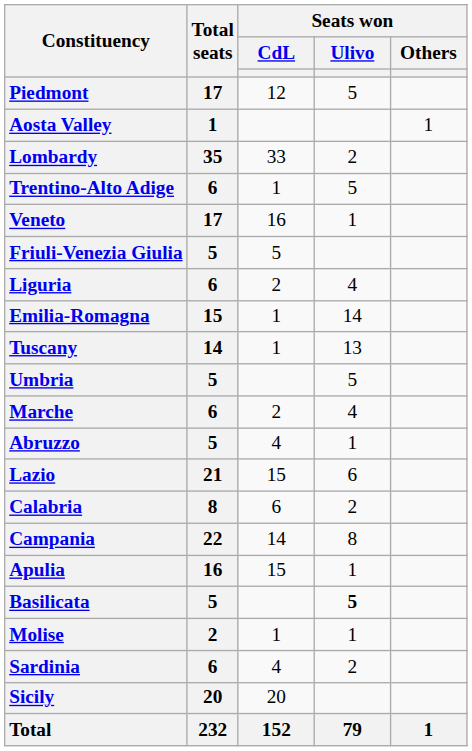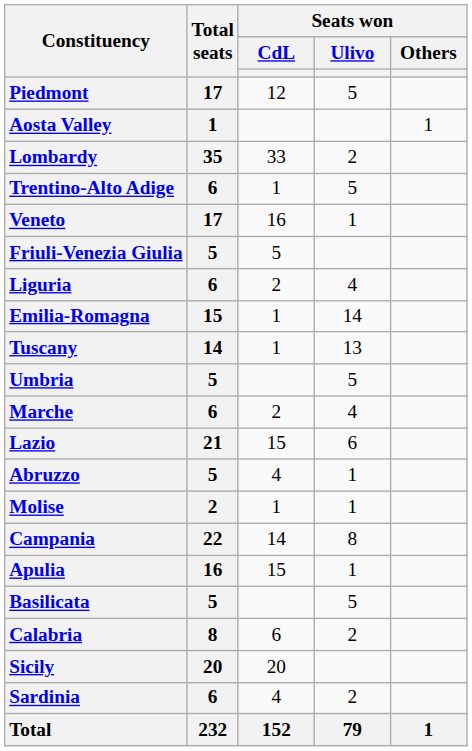 <table class="wikitable" style="text-align:center; font-size: 0.9em">
 <tr>
 <th rowspan="3">Constituency</th>
 <th rowspan="3">Total<br>seats</th>
 <th colspan="3">Seats won</th>
 </tr>
 <tr>
 <th class="unsortable" style="width:50px;"><a href='#'>CdL</a></th>
 <th class="unsortable" style="width:50px;"><a href='#'>Ulivo</a></th>
 <th class="unsortable" style="width:50px;">Others</th>
 </tr>
 <tr>
 <th style="color:inherit;background:"></th>
 <th style="color:inherit;background:"></th>
 <th style="color:inherit;background:"></th>
 </tr>
 <tr>
 <th style="text-align: left;"><a href='#'>Piedmont</a></th>
 <th>17</th>
 <td>12</td>
 <td>5</td>
 <td></td>
 </tr>
 <tr>
 <th style="text-align: left;"><a href='#'>Aosta Valley</a></th>
 <th>1</th>
 <td></td>
 <td></td>
 <td>1</td>
 </tr>
 <tr>
 <th style="text-align: left;"><a href='#'>Lombardy</a></th>
 <th>35</th>
 <td>33</td>
 <td>2</td>
 <td></td>
 </tr>
 <tr>
 <th style="text-align: left;"><a href='#'>Trentino-Alto Adige</a></th>
 <th>6</th>
 <td>1</td>
 <td>5</td>
 <td></td>
 </tr>
 <tr>
 <th style="text-align: left;"><a href='#'>Veneto</a></th>
 <th>17</th>
 <td>16</td>
 <td>1</td>
 <td></td>
 </tr>
 <tr>
 <th style="text-align: left;"><a href='#'>Friuli-Venezia Giulia</a></th>
 <th>5</th>
 <td>5</td>
 <td></td>
 <td></td>
 </tr>
 <tr>
 <th style="text-align: left;"><a href='#'>Liguria</a></th>
 <th>6</th>
 <td>2</td>
 <td>4</td>
 <td></td>
 </tr>
 <tr>
 <th style="text-align: left;"><a href='#'>Emilia-Romagna</a></th>
 <th>15</th>
 <td>1</td>
 <td>14</td>
 <td></td>
 </tr>
 <tr>
 <th style="text-align: left;"><a href='#'>Tuscany</a></th>
 <th>14</th>
 <td>1</td>
 <td>13</td>
 <td></td>
 </tr>
 <tr>
 <th style="text-align: left;"><a href='#'>Umbria</a></th>
 <th>5</th>
 <td></td>
 <td>5</td>
 <td></td>
 </tr>
 <tr>
 <th style="text-align: left;"><a href='#'>Marche</a></th>
 <th>6</th>
 <td>2</td>
 <td>4</td>
 <td></td>
 </tr>
 <tr>
+<th style="text-align: left;"><a href='#'>Lazio</a></th>
+<th>21</th>
+<td>15</td>
+<td>6</td>
+<td></td>
+</tr>
+<tr>
 <th style="text-align: left;"><a href='#'>Abruzzo</a></th>
 <th>5</th>
 <td>4</td>
 <td>1</td>
 <td></td>
 </tr>
 <tr>
-<th style="text-align: left;"><a href='#'>Lazio</a></th>
-<th>21</th>
-<td>15</td>
-<td>6</td>
-<td></td>
-</tr>
-<tr>
-<th style="text-align: left;"><a href='#'>Calabria</a></th>
-<th>8</th>
-<td>6</td>
-<td>2</td>
+<th style="text-align: left;"><a href='#'>Molise</a></th>
+<th>2</th>
+<td>1</td>
+<td>1</td>
 <td></td>
 </tr>
 <tr>
 <th style="text-align: left;"><a href='#'>Campania</a></th>
 <th>22</th>
 <td>14</td>
 <td>8</td>
 <td></td>
 </tr>
 <tr>
 <th style="text-align: left;"><a href='#'>Apulia</a></th>
 <th>16</th>
 <td>15</td>
 <td>1</td>
 <td></td>
 </tr>
 <tr>
 <th style="text-align: left;"><a href='#'>Basilicata</a></th>
 <th>5</th>
 <td></td>
-<td><strong>5</strong></td>
+<td>5</td>
 <td></td>
 </tr>
 <tr>
-<th style="text-align: left;"><a href='#'>Molise</a></th>
-<th>2</th>
-<td>1</td>
-<td>1</td>
-<td></td>
-</tr>
-<tr>
-<th style="text-align: left;"><a href='#'>Sardinia</a></th>
-<th>6</th>
-<td>4</td>
+<th style="text-align: left;"><a href='#'>Calabria</a></th>
+<th>8</th>
+<td>6</td>
 <td>2</td>
 <td></td>
 </tr>
 <tr>
 <th style="text-align: left;"><a href='#'>Sicily</a></th>
 <th>20</th>
 <td>20</td>
 <td></td>
 <td></td>
 </tr>
 <tr>
+<th style="text-align: left;"><a href='#'>Sardinia</a></th>
+<th>6</th>
+<td>4</td>
+<td>2</td>
+<td></td>
+</tr>
+<tr>
 <th style="text-align: left;">Total</th>
 <th>232</th>
 <th>152</th>
 <th>79</th>
 <th>1</th>
 </tr>
 </table>
